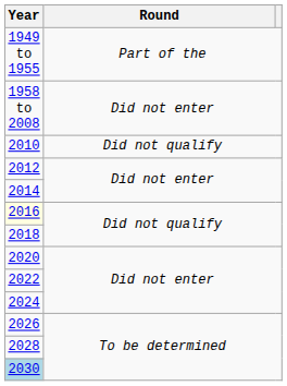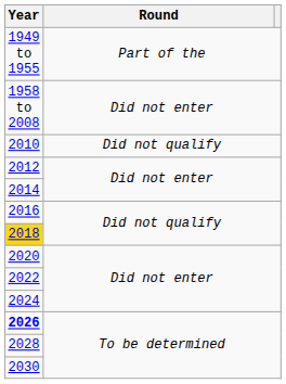 <table class="wikitable" style="text-align: center; font-size:90%">
 <tr>
 <th>Year</th>
 <th style="width:200px">Round</th>
 <th></th>
 </tr>
 <tr>
 <td><a href='#'>1949</a><br>to<br><a href='#'>1955</a></td>
 <td colspan="2"><em>Part of the </em></td>
 </tr>
 <tr>
 <td><a href='#'>1958</a><br>to<br><a href='#'>2008</a></td>
 <td colspan="2"><em>Did not enter</em></td>
 </tr>
 <tr>
 <td><a href='#'>2010</a></td>
 <td colspan="2"><em>Did not qualify</em></td>
 </tr>
 <tr>
 <td><a href='#'>2012</a></td>
 <td colspan="2" rowspan="2"><em>Did not enter</em></td>
 </tr>
 <tr>
 <td><a href='#'>2014</a></td>
 </tr>
 <tr>
-<td style="background: lightyellow;"><a href='#'>2016</a></td>
+<td><a href='#'>2016</a></td>
 <td colspan="2" rowspan="2"><em>Did not qualify</em></td>
 </tr>
 <tr>
-<td><a href='#'>2018</a></td>
+<td style="background: gold;"><a href='#'>2018</a></td>
 </tr>
 <tr>
 <td><a href='#'>2020</a></td>
 <td colspan="2" rowspan="3"><em>Did not enter</em></td>
 </tr>
 <tr>
 <td><a href='#'>2022</a></td>
 </tr>
 <tr>
 <td><a href='#'>2024</a></td>
 </tr>
 <tr>
-<td><a href='#'>2026</a></td>
+<td><strong><a href='#'>2026</a></strong></td>
 <td colspan="2" rowspan="3"><em>To be determined</em></td>
 </tr>
 <tr>
 <td><a href='#'>2028</a></td>
 </tr>
 <tr>
-<td style="background: lightblue;"><a href='#'>2030</a></td>
+<td><a href='#'>2030</a></td>
 </tr>
 </table>
